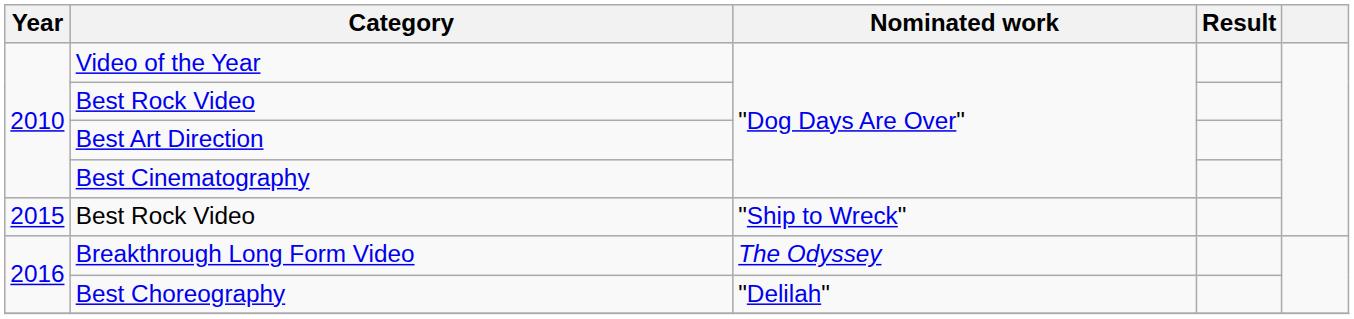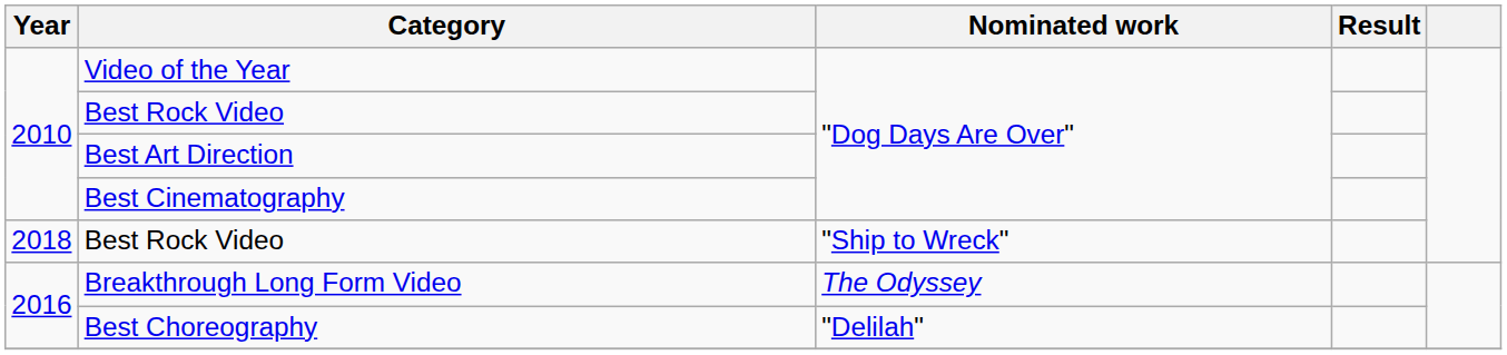 <table class="wikitable plainrowheaders" style="width:70%;">
 <tr>
 <th scope="col" style="width:4%;">Year</th>
 <th scope="col" style="width:50%;">Category</th>
 <th scope="col" style="width:35%;">Nominated work</th>
 <th scope="col" style="width:6%;">Result</th>
 <th scope="col" style="width:6%;"></th>
 </tr>
 <tr>
 <td style="text-align:center;" rowspan="4"><a href='#'>2010</a></td>
 <td><a href='#'>Video of the Year</a></td>
 <td rowspan="4">"<a href='#'>Dog Days Are Over</a>"</td>
 <td></td>
 </tr>
 <tr>
 <td><a href='#'>Best Rock Video</a></td>
 <td></td>
 </tr>
 <tr>
 <td><a href='#'>Best Art Direction</a></td>
 <td></td>
 </tr>
 <tr>
 <td><a href='#'>Best Cinematography</a></td>
 <td></td>
 </tr>
 <tr>
-<td><a href='#'>2015</a></td>
+<td><a href='#'>2018</a></td>
 <td>Best Rock Video</td>
 <td>"<a href='#'>Ship to Wreck</a>"</td>
 <td></td>
 </tr>
 <tr>
 <td style="text-align:center;" rowspan="2"><a href='#'>2016</a></td>
 <td><a href='#'>Breakthrough Long Form Video</a></td>
 <td><em><a href='#'>The Odyssey</a></em></td>
 <td></td>
 <td rowspan="2" style="text-align:center;"></td>
 </tr>
 <tr>
 <td><a href='#'>Best Choreography</a></td>
 <td>"<a href='#'>Delilah</a>"</td>
 <td></td>
 </tr>
 <tr>
 </tr>
 </table>
